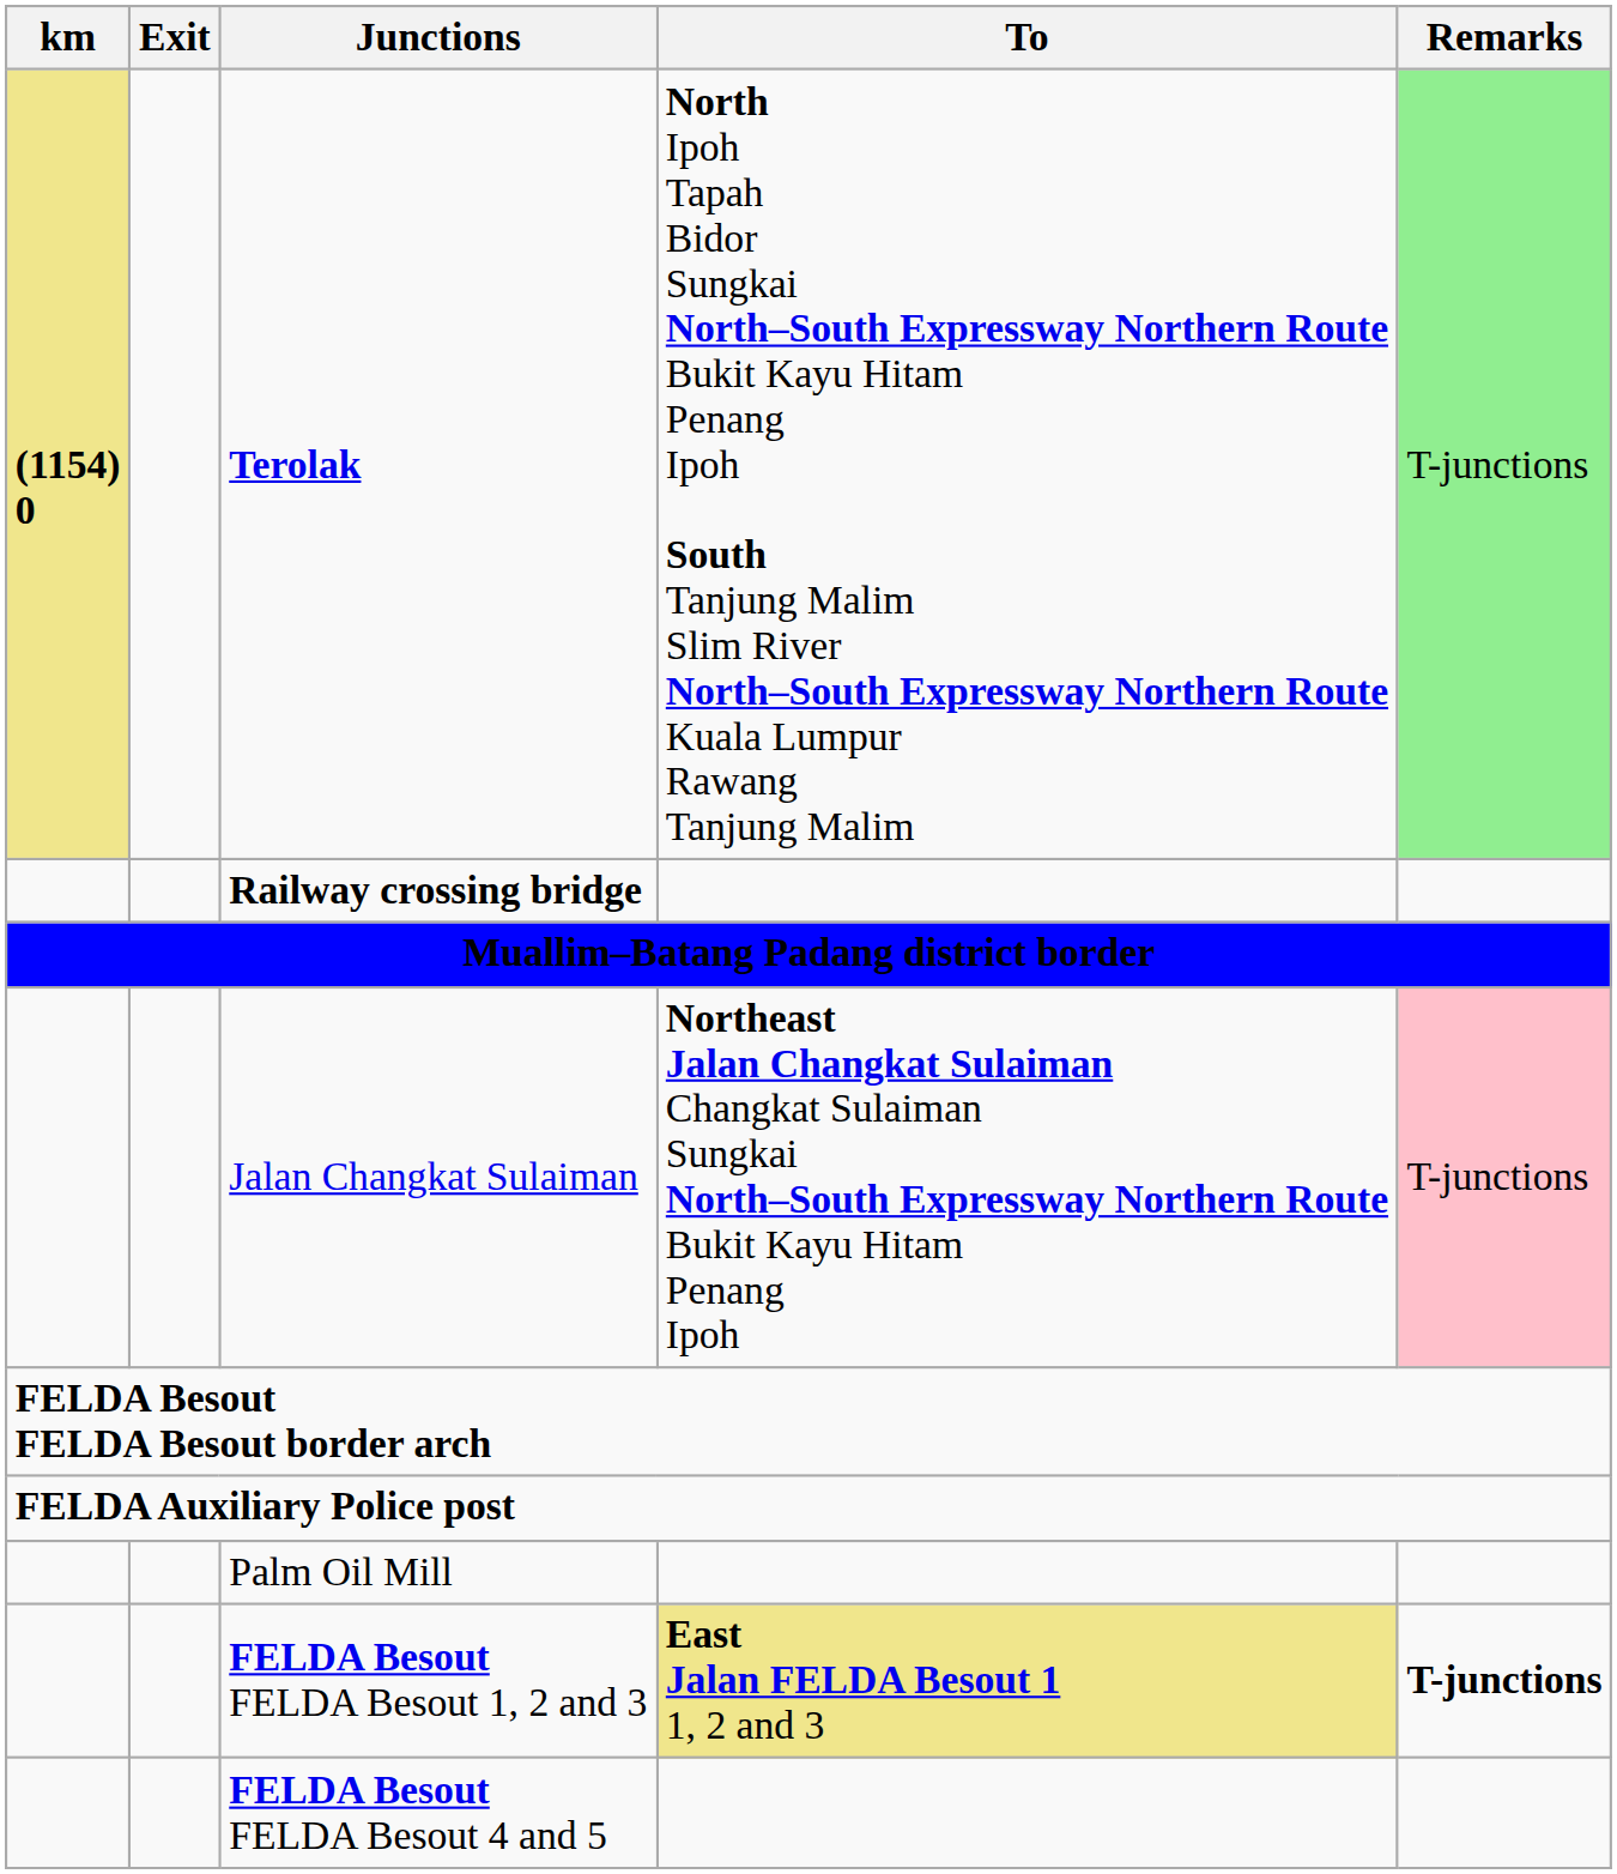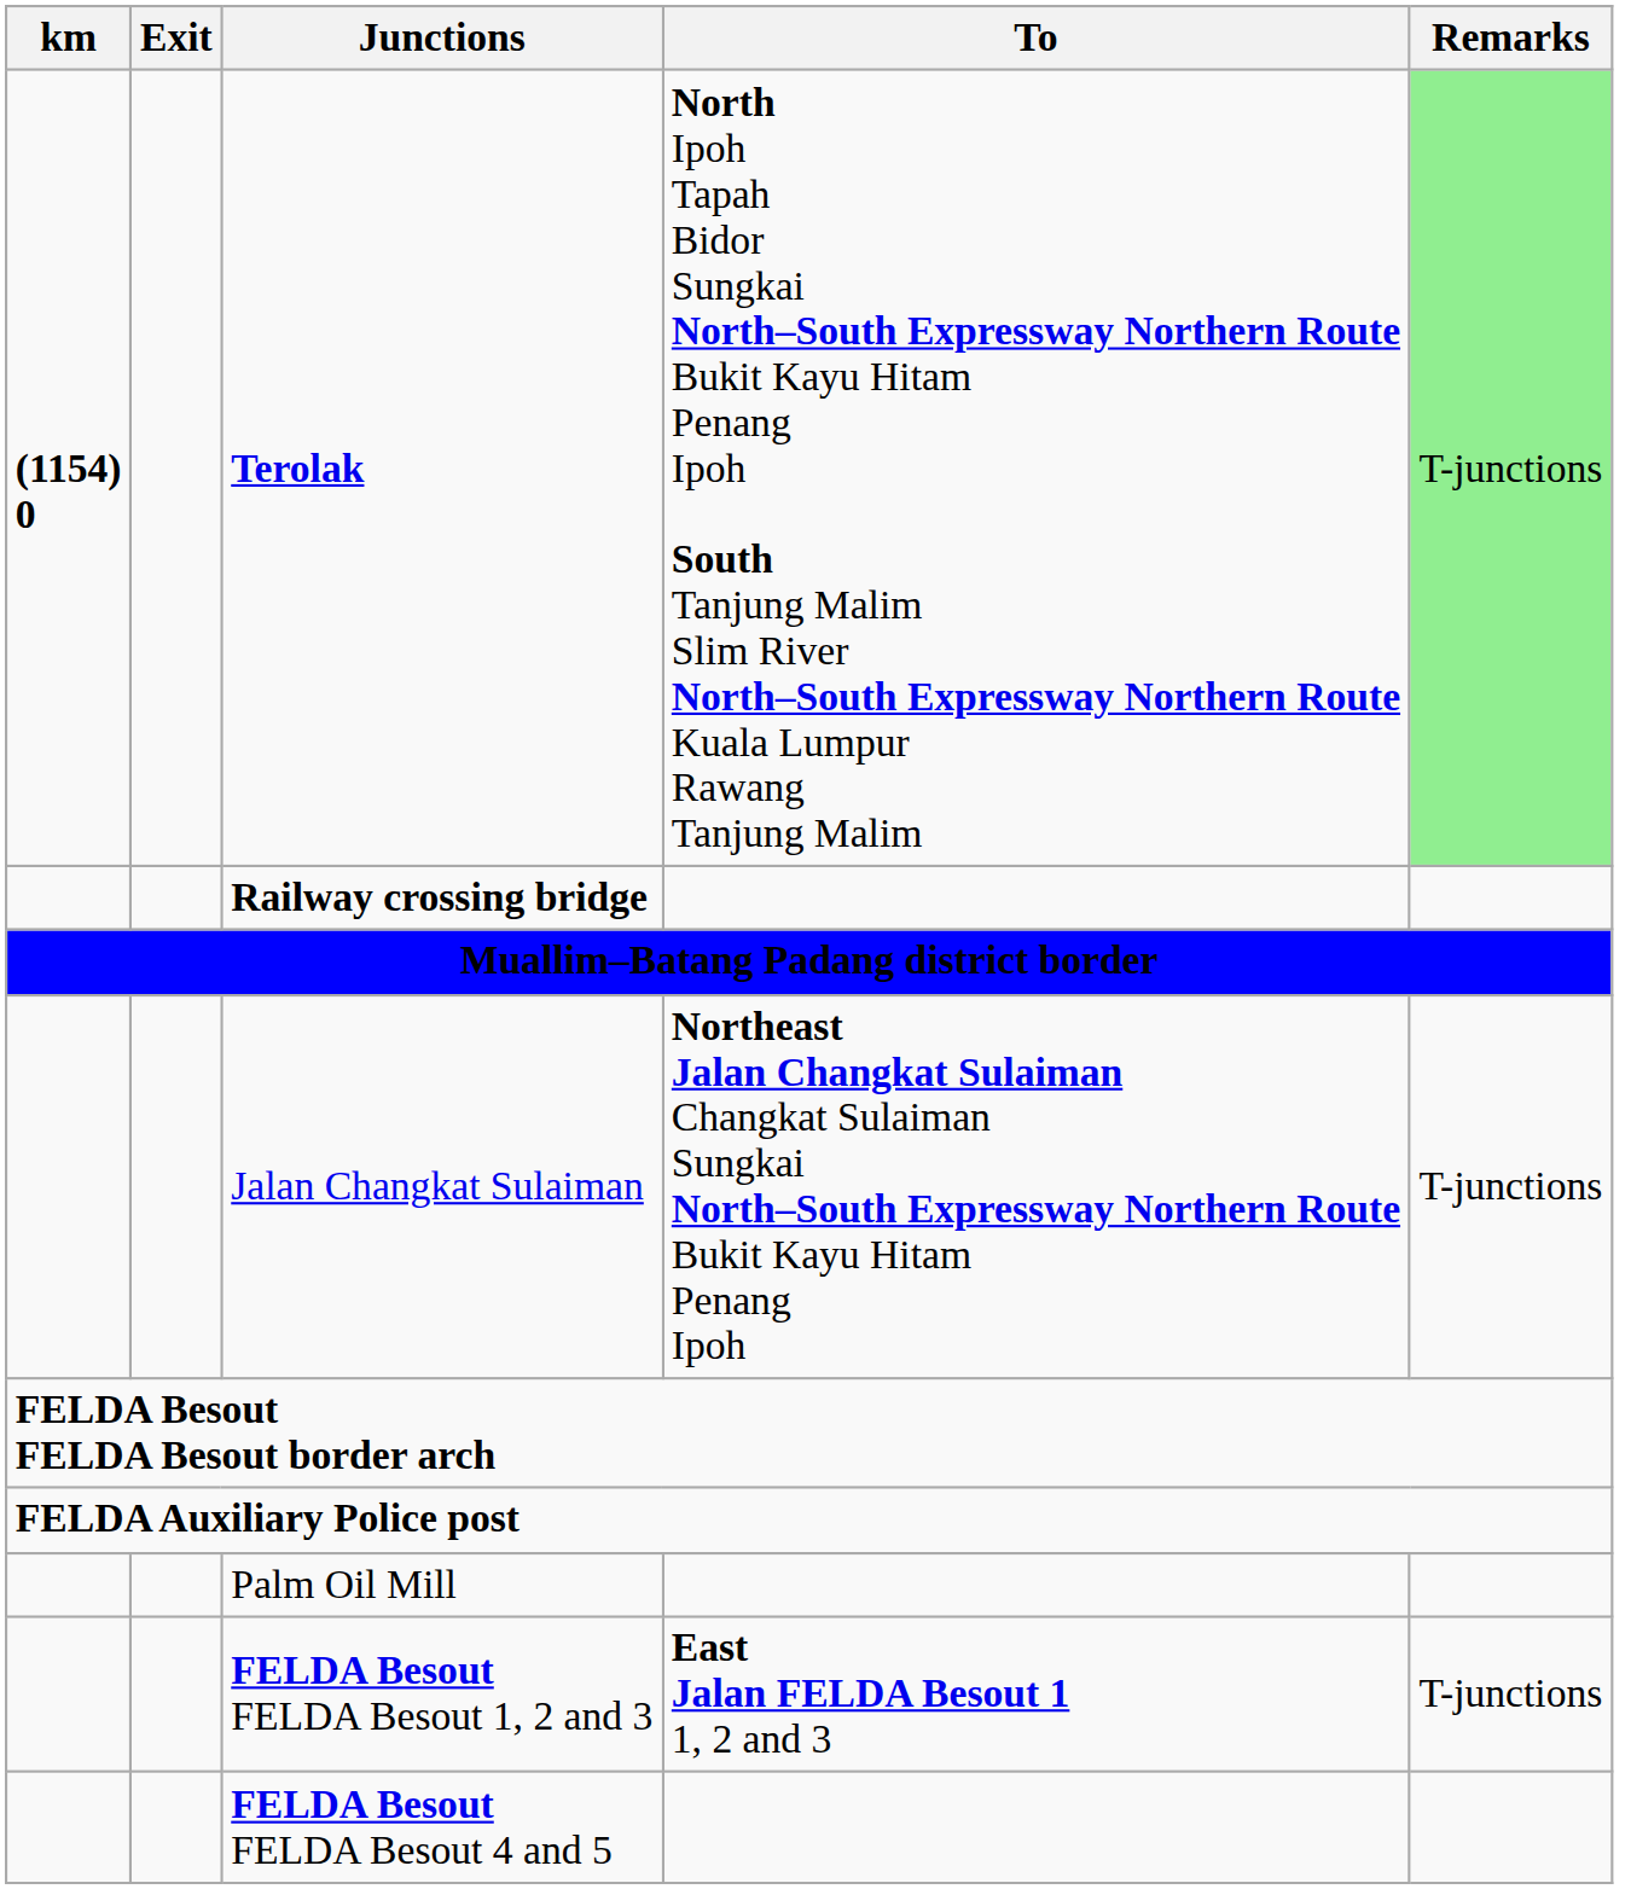 <table class="wikitable">
 <tr>
 <th>km</th>
 <th>Exit</th>
 <th>Junctions</th>
 <th>To</th>
 <th>Remarks</th>
 </tr>
 <tr>
-<td style="background: khaki;"><br><strong>(1154)</strong><br><strong>0</strong></td>
+<td><br><strong>(1154)</strong><br><strong>0</strong></td>
 <td></td>
 <td><strong><a href='#'>Terolak</a></strong></td>
 <td><strong>North</strong><br> Ipoh<br> Tapah<br> Bidor<br> Sungkai<br>  <strong><a href='#'>North–South Expressway Northern Route</a></strong><br>Bukit Kayu Hitam<br>Penang<br>Ipoh<br><br><strong>South </strong><br> Tanjung Malim<br> Slim River<br>  <strong><a href='#'>North–South Expressway Northern Route</a></strong><br>Kuala Lumpur<br>Rawang<br>Tanjung Malim</td>
 <td style="background: lightgreen;">T-junctions</td>
 </tr>
 <tr>
 <td></td>
 <td></td>
 <td><strong>Railway crossing bridge</strong></td>
 <td></td>
 <td></td>
 </tr>
 <tr>
 <td colspan="6"  style="width:600px; text-align:center; background:blue;"><strong><span>Muallim–Batang Padang district border</span></strong></td>
 </tr>
 <tr>
 <td></td>
 <td></td>
 <td><a href='#'>Jalan Changkat Sulaiman</a></td>
 <td><strong>Northeast</strong><br> <strong><a href='#'>Jalan Changkat Sulaiman</a></strong><br>Changkat Sulaiman<br>Sungkai<br>  <strong><a href='#'>North–South Expressway Northern Route</a></strong><br>Bukit Kayu Hitam<br>Penang<br>Ipoh</td>
-<td style="background: pink;">T-junctions</td>
+<td>T-junctions</td>
 </tr>
 <tr>
 <td style="width:600px" colspan="6" style="text-align:center; background:white;"><strong><span>FELDA Besout<br>FELDA Besout border arch</span></strong></td>
 </tr>
 <tr>
 <td style="width:600px" colspan="6" style="text-align:center; background:red;"><strong><span>FELDA Auxiliary Police post</span></strong></td>
 </tr>
 <tr>
 <td></td>
 <td></td>
 <td>Palm Oil Mill</td>
 <td></td>
 <td></td>
 </tr>
 <tr>
 <td></td>
 <td></td>
 <td><strong><a href='#'>FELDA Besout</a></strong><br>FELDA Besout 1, 2 and 3</td>
-<td style="background: khaki;"><strong>East</strong><br> <strong><a href='#'>Jalan FELDA Besout 1</a></strong><br>1, 2 and 3</td>
-<td><strong>T-junctions</strong></td>
+<td><strong>East</strong><br> <strong><a href='#'>Jalan FELDA Besout 1</a></strong><br>1, 2 and 3</td>
+<td>T-junctions</td>
 </tr>
 <tr>
 <td></td>
 <td></td>
 <td><strong><a href='#'>FELDA Besout</a></strong><br>FELDA Besout 4 and 5</td>
 <td></td>
 <td></td>
 </tr>
 </table>
